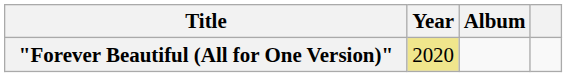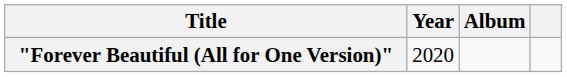 <table class="wikitable plainrowheaders" style="text-align:center;">
 <tr>
 <th scope="col" rowspan="1" style="width:300px;">Title</th>
 <th scope="col" rowspan="1">Year</th>
 <th scope="col" rowspan="1">Album</th>
 <th scope="col" class="unsortable" style="width:1em;"></th>
 </tr>
 <tr>
 <th scope="row">"Forever Beautiful (All for One Version)" <br></th>
-<td align="center" style="background: khaki;">2020</td>
+<td align="center">2020</td>
 <td></td>
 <td></td>
 </tr>
 </table>
